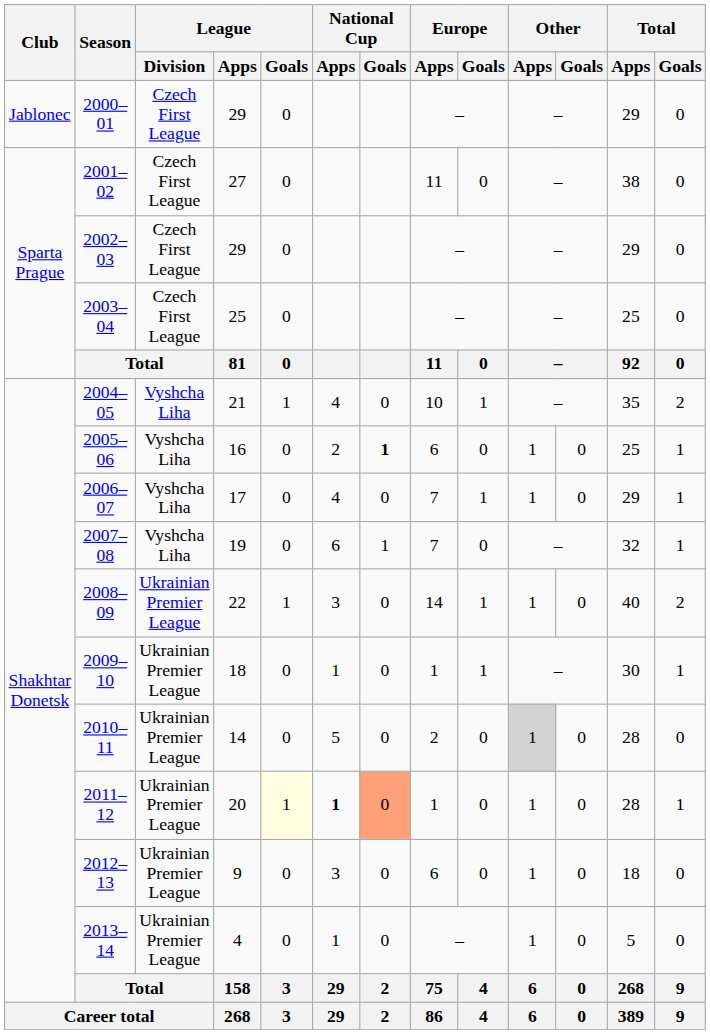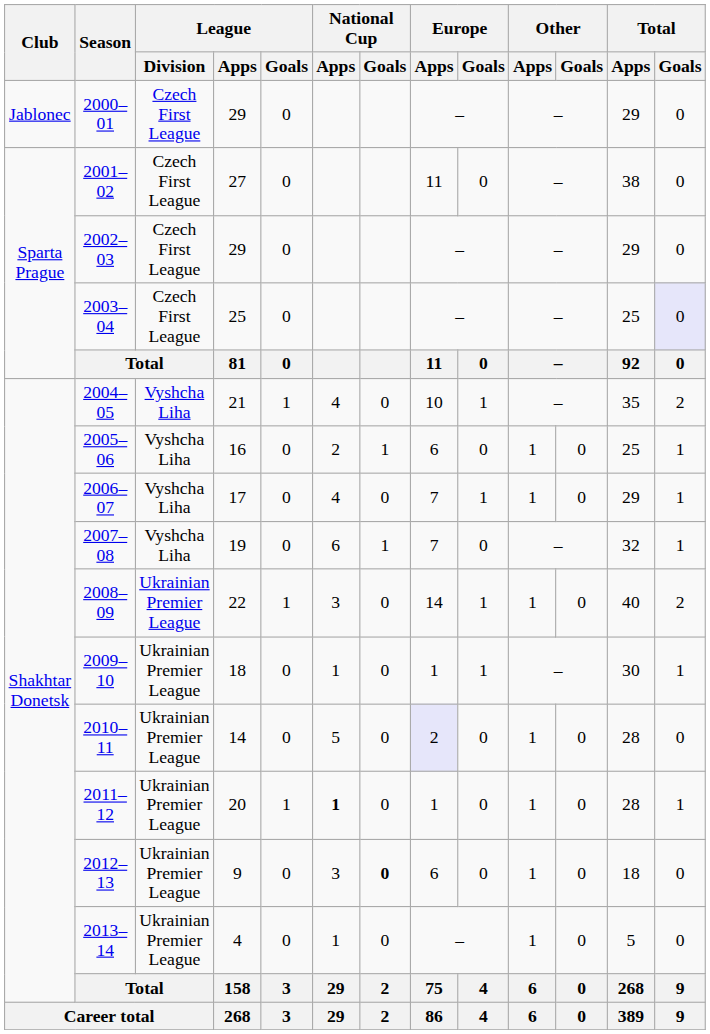 <table class="wikitable" style="text-align: center">
 <tr>
 <th rowspan="2">Club</th>
 <th rowspan="2">Season</th>
 <th colspan="3">League</th>
 <th colspan="2">National Cup</th>
 <th colspan="2">Europe</th>
 <th colspan="2">Other</th>
 <th colspan="2">Total</th>
 </tr>
 <tr>
 <th>Division</th>
 <th>Apps</th>
 <th>Goals</th>
 <th>Apps</th>
 <th>Goals</th>
 <th>Apps</th>
 <th>Goals</th>
 <th>Apps</th>
 <th>Goals</th>
 <th>Apps</th>
 <th>Goals</th>
 </tr>
 <tr>
 <td><a href='#'>Jablonec</a></td>
 <td><a href='#'>2000–01</a></td>
 <td><a href='#'>Czech First League</a></td>
 <td>29</td>
 <td>0</td>
 <td></td>
 <td></td>
 <td colspan="2">–</td>
 <td colspan="2">–</td>
 <td>29</td>
 <td>0</td>
 </tr>
 <tr>
 <td rowspan="4"><a href='#'>Sparta Prague</a></td>
 <td><a href='#'>2001–02</a></td>
 <td>Czech First League</td>
 <td>27</td>
 <td>0</td>
 <td></td>
 <td></td>
 <td>11</td>
 <td>0</td>
 <td colspan="2">–</td>
 <td>38</td>
 <td>0</td>
 </tr>
 <tr>
 <td><a href='#'>2002–03</a></td>
 <td>Czech First League</td>
 <td>29</td>
 <td>0</td>
 <td></td>
 <td></td>
 <td colspan="2">–</td>
 <td colspan="2">–</td>
 <td>29</td>
 <td>0</td>
 </tr>
 <tr>
 <td><a href='#'>2003–04</a></td>
 <td>Czech First League</td>
 <td>25</td>
 <td>0</td>
 <td></td>
 <td></td>
 <td colspan="2">–</td>
 <td colspan="2">–</td>
 <td>25</td>
-<td>0</td>
+<td style="background: lavender;">0</td>
 </tr>
 <tr>
 <th colspan="2">Total</th>
 <th>81</th>
 <th>0</th>
 <th></th>
 <th></th>
 <th>11</th>
 <th>0</th>
 <th colspan="2">–</th>
 <th>92</th>
 <th>0</th>
 </tr>
 <tr>
 <td rowspan="11"><a href='#'>Shakhtar Donetsk</a></td>
 <td><a href='#'>2004–05</a></td>
 <td><a href='#'>Vyshcha Liha</a></td>
 <td>21</td>
 <td>1</td>
 <td>4</td>
 <td>0</td>
 <td>10</td>
 <td>1</td>
 <td colspan="2">–</td>
 <td>35</td>
 <td>2</td>
 </tr>
 <tr>
 <td><a href='#'>2005–06</a></td>
 <td>Vyshcha Liha</td>
 <td>16</td>
 <td>0</td>
 <td>2</td>
-<td><strong>1</strong></td>
+<td>1</td>
 <td>6</td>
 <td>0</td>
 <td>1</td>
 <td>0</td>
 <td>25</td>
 <td>1</td>
 </tr>
 <tr>
 <td><a href='#'>2006–07</a></td>
 <td>Vyshcha Liha</td>
 <td>17</td>
 <td>0</td>
 <td>4</td>
 <td>0</td>
 <td>7</td>
 <td>1</td>
 <td>1</td>
 <td>0</td>
 <td>29</td>
 <td>1</td>
 </tr>
 <tr>
 <td><a href='#'>2007–08</a></td>
 <td>Vyshcha Liha</td>
 <td>19</td>
 <td>0</td>
 <td>6</td>
 <td>1</td>
 <td>7</td>
 <td>0</td>
 <td colspan="2">–</td>
 <td>32</td>
 <td>1</td>
 </tr>
 <tr>
 <td><a href='#'>2008–09</a></td>
 <td><a href='#'>Ukrainian Premier League</a></td>
 <td>22</td>
 <td>1</td>
 <td>3</td>
 <td>0</td>
 <td>14</td>
 <td>1</td>
 <td>1</td>
 <td>0</td>
 <td>40</td>
 <td>2</td>
 </tr>
 <tr>
 <td><a href='#'>2009–10</a></td>
 <td>Ukrainian Premier League</td>
 <td>18</td>
 <td>0</td>
 <td>1</td>
 <td>0</td>
 <td>1</td>
 <td>1</td>
 <td colspan="2">–</td>
 <td>30</td>
 <td>1</td>
 </tr>
 <tr>
 <td><a href='#'>2010–11</a></td>
 <td>Ukrainian Premier League</td>
 <td>14</td>
 <td>0</td>
 <td>5</td>
 <td>0</td>
-<td>2</td>
+<td style="background: lavender;">2</td>
 <td>0</td>
-<td style="background: lightgrey;">1</td>
+<td>1</td>
 <td>0</td>
 <td>28</td>
 <td>0</td>
 </tr>
 <tr>
 <td><a href='#'>2011–12</a></td>
 <td>Ukrainian Premier League</td>
 <td>20</td>
-<td style="background: lightyellow;">1</td>
+<td>1</td>
 <td><strong>1</strong></td>
-<td style="background: lightsalmon;">0</td>
+<td>0</td>
 <td>1</td>
 <td>0</td>
 <td>1</td>
 <td>0</td>
 <td>28</td>
 <td>1</td>
 </tr>
 <tr>
 <td><a href='#'>2012–13</a></td>
 <td>Ukrainian Premier League</td>
 <td>9</td>
 <td>0</td>
 <td>3</td>
-<td>0</td>
+<td><strong>0</strong></td>
 <td>6</td>
 <td>0</td>
 <td>1</td>
 <td>0</td>
 <td>18</td>
 <td>0</td>
 </tr>
 <tr>
 <td><a href='#'>2013–14</a></td>
 <td>Ukrainian Premier League</td>
 <td>4</td>
 <td>0</td>
 <td>1</td>
 <td>0</td>
 <td colspan="2">–</td>
 <td>1</td>
 <td>0</td>
 <td>5</td>
 <td>0</td>
 </tr>
 <tr>
 <th colspan="2">Total</th>
 <th>158</th>
 <th>3</th>
 <th>29</th>
 <th>2</th>
 <th>75</th>
 <th>4</th>
 <th>6</th>
 <th>0</th>
 <th>268</th>
 <th>9</th>
 </tr>
 <tr>
 <th colspan="3">Career total</th>
 <th>268</th>
 <th>3</th>
 <th>29</th>
 <th>2</th>
 <th>86</th>
 <th>4</th>
 <th>6</th>
 <th>0</th>
 <th>389</th>
 <th>9</th>
 </tr>
 </table>
